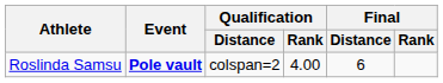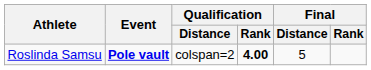 <table class="wikitable" style="font-size:90%">
 <tr>
 <th rowspan=2>Athlete</th>
 <th rowspan=2>Event</th>
 <th colspan=2>Qualification</th>
 <th colspan=2>Final</th>
 </tr>
 <tr style="font-size:95%">
 <th>Distance</th>
 <th>Rank</th>
 <th>Distance</th>
 <th>Rank</th>
 </tr>
 <tr align=center>
 <td align=left><a href='#'>Roslinda Samsu</a></td>
 <td align=left><strong><a href='#'>Pole vault</a></strong></td>
 <td>colspan=2 </td>
-<td>4.00</td>
-<td>6</td>
+<td><strong>4.00</strong></td>
+<td>5</td>
 </tr>
 </table>
